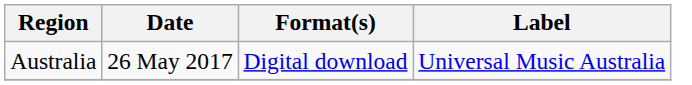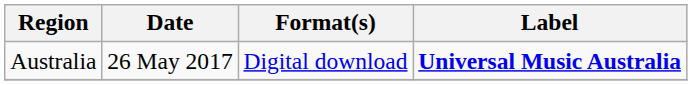 <table class="wikitable plainrowheaders">
 <tr>
 <th scope="col">Region</th>
 <th scope="col">Date</th>
 <th scope="col">Format(s)</th>
 <th scope="col">Label</th>
 </tr>
 <tr>
 <td>Australia</td>
 <td>26 May 2017</td>
 <td><a href='#'>Digital download</a></td>
-<td><a href='#'>Universal Music Australia</a></td>
+<td><strong><a href='#'>Universal Music Australia</a></strong></td>
 </tr>
 <tr>
 </tr>
 </table>
